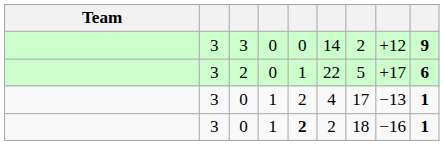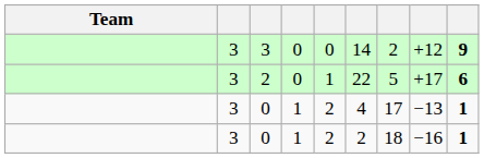 <table class="wikitable" style="text-align:center;">
 <tr>
 <th width="175">Team</th>
 <th width="20"></th>
 <th width="20"></th>
 <th width="20"></th>
 <th width="20"></th>
 <th width="20"></th>
 <th width="20"></th>
 <th width="20"></th>
 <th width="20"></th>
 </tr>
 <tr bgcolor=ccffcc>
 <td align=left></td>
 <td>3</td>
 <td>3</td>
 <td>0</td>
 <td>0</td>
 <td>14</td>
 <td>2</td>
 <td>+12</td>
 <td><strong>9</strong></td>
 </tr>
 <tr bgcolor=ccffcc>
 <td align=left></td>
 <td>3</td>
 <td>2</td>
 <td>0</td>
 <td>1</td>
 <td>22</td>
 <td>5</td>
 <td>+17</td>
 <td><strong>6</strong></td>
 </tr>
 <tr>
 <td align=left></td>
 <td>3</td>
 <td>0</td>
 <td>1</td>
 <td>2</td>
 <td>4</td>
 <td>17</td>
 <td>−13</td>
 <td><strong>1</strong></td>
 </tr>
 <tr>
 <td align=left></td>
 <td>3</td>
 <td>0</td>
 <td>1</td>
-<td><strong>2</strong></td>
+<td>2</td>
 <td>2</td>
 <td>18</td>
 <td>−16</td>
 <td><strong>1</strong></td>
 </tr>
 </table>
